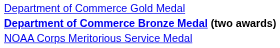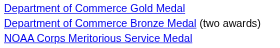 <table>
 <tr>
 <td><span></span> <a href='#'>Department of Commerce Gold Medal</a></td>
 </tr>
 <tr>
-<td><strong><span></span><span></span> <a href='#'>Department of Commerce Bronze Medal</a> (two awards)</strong></td>
+<td><span></span><span></span> <a href='#'>Department of Commerce Bronze Medal</a> (two awards)</td>
 </tr>
 <tr>
 <td> <a href='#'>NOAA Corps Meritorious Service Medal</a></td>
 </tr>
 </table>
